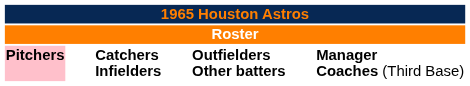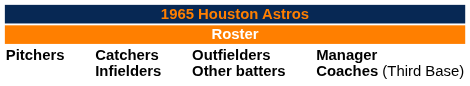 <table class="toccolours" style="text-align: left;">
 <tr>
 <th colspan="10" style="background-color: #072854; color: #FF7F00; text-align: center;">1965 Houston Astros</th>
 </tr>
 <tr>
 <td colspan="10" style="background-color: #FF7F00; color: white; text-align: center;"><strong>Roster</strong></td>
 </tr>
 <tr>
-<td valign="top" style="background: pink;"><strong>Pitchers</strong><br>                      </td>
+<td valign="top"><strong>Pitchers</strong><br>                      </td>
 <td width="25px"></td>
 <td valign="top"><strong>Catchers</strong><br>     <strong>Infielders</strong>            </td>
 <td width="25px"></td>
 <td valign="top"><strong>Outfielders</strong><br>       <strong>Other batters</strong> </td>
 <td width="25px"></td>
 <td valign="top"><strong>Manager</strong><br> <strong>Coaches</strong>   (Third Base)   </td>
 </tr>
 </table>
